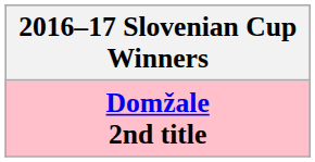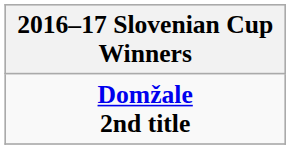 <table class="wikitable" style="text-align: center; margin: 0 auto; width: 20%">
 <tr>
 <th>2016–17 Slovenian Cup<br> Winners</th>
 </tr>
 <tr>
-<td style="background: pink;"><strong><a href='#'>Domžale</a></strong> <br><strong>2nd title</strong></td>
+<td><strong><a href='#'>Domžale</a></strong> <br><strong>2nd title</strong></td>
 </tr>
 </table>
